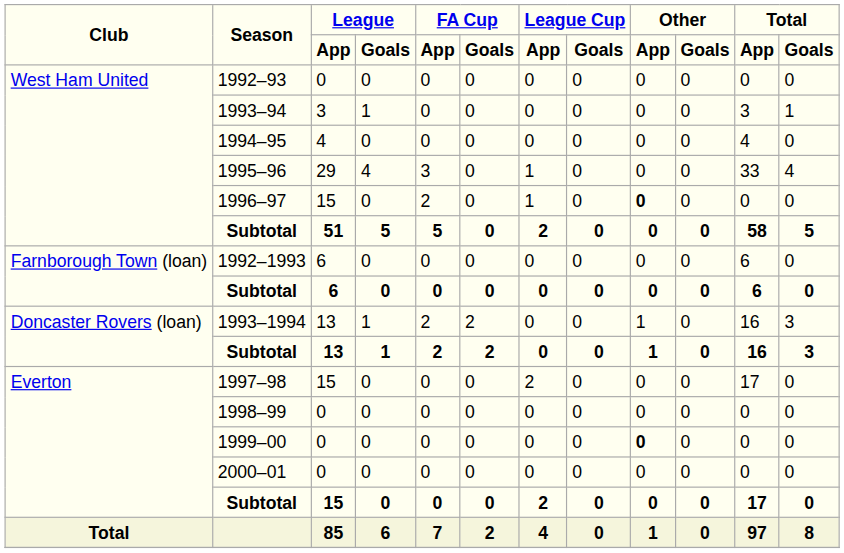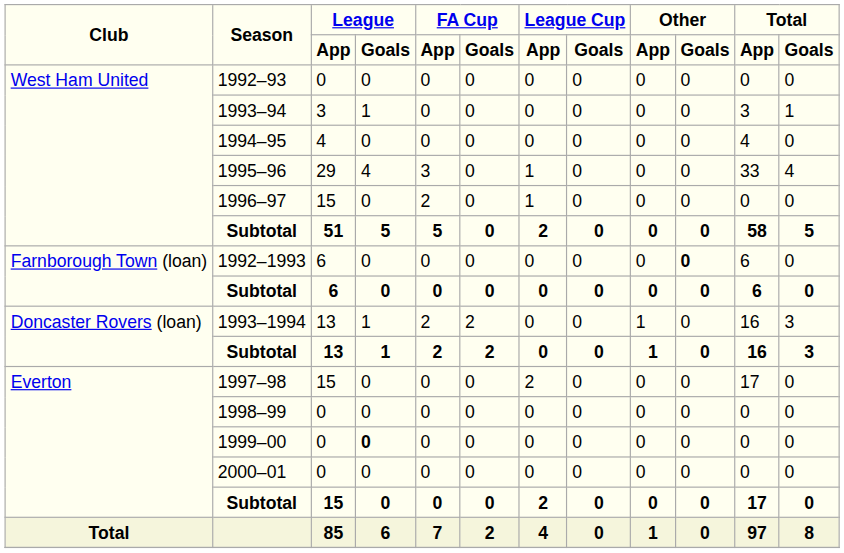 <table border=1 align=center cellpadding=4 cellspacing=2 style="background: ivory; font-size: 95%; border: 1px #aaaaaa solid; border-collapse: collapse; clear:center">
 <tr>
 <th rowspan="2">Club</th>
 <th rowspan="2">Season</th>
 <th colspan="2"><a href='#'>League</a></th>
 <th colspan="2"><a href='#'>FA Cup</a></th>
 <th colspan="2"><a href='#'>League Cup</a></th>
 <th colspan="2">Other</th>
 <th colspan="2">Total</th>
 </tr>
 <tr>
 <th>App</th>
 <th>Goals</th>
 <th>App</th>
 <th>Goals</th>
 <th>App</th>
 <th>Goals</th>
 <th>App</th>
 <th>Goals</th>
 <th>App</th>
 <th>Goals</th>
 </tr>
 <tr>
 <td rowspan="6" valign=top><a href='#'>West Ham United</a></td>
 <td>1992–93</td>
 <td>0</td>
 <td>0</td>
 <td>0</td>
 <td>0</td>
 <td>0</td>
 <td>0</td>
 <td>0</td>
 <td>0</td>
 <td>0</td>
 <td>0</td>
 </tr>
 <tr>
 <td>1993–94</td>
 <td>3</td>
 <td>1</td>
 <td>0</td>
 <td>0</td>
 <td>0</td>
 <td>0</td>
 <td>0</td>
 <td>0</td>
 <td>3</td>
 <td>1</td>
 </tr>
 <tr>
 <td>1994–95</td>
 <td>4</td>
 <td>0</td>
 <td>0</td>
 <td>0</td>
 <td>0</td>
 <td>0</td>
 <td>0</td>
 <td>0</td>
 <td>4</td>
 <td>0</td>
 </tr>
 <tr>
 <td>1995–96</td>
 <td>29</td>
 <td>4</td>
 <td>3</td>
 <td>0</td>
 <td>1</td>
 <td>0</td>
 <td>0</td>
 <td>0</td>
 <td>33</td>
 <td>4</td>
 </tr>
 <tr>
 <td>1996–97</td>
 <td>15</td>
 <td>0</td>
 <td>2</td>
 <td>0</td>
 <td>1</td>
 <td>0</td>
-<td><strong>0</strong></td>
+<td>0</td>
 <td>0</td>
 <td>0</td>
 <td>0</td>
 </tr>
 <tr>
 <th>Subtotal</th>
 <th>51</th>
 <th>5</th>
 <th>5</th>
 <th>0</th>
 <th>2</th>
 <th>0</th>
 <th>0</th>
 <th>0</th>
 <th>58</th>
 <th>5</th>
 </tr>
 <tr>
 <td rowspan="2" valign=top><a href='#'>Farnborough Town</a> (loan)</td>
 <td>1992–1993</td>
 <td>6</td>
 <td>0</td>
 <td>0</td>
 <td>0</td>
 <td>0</td>
 <td>0</td>
 <td>0</td>
-<td>0</td>
+<td><strong>0</strong></td>
 <td>6</td>
 <td>0</td>
 </tr>
 <tr>
 <th>Subtotal</th>
 <th>6</th>
 <th>0</th>
 <th>0</th>
 <th>0</th>
 <th>0</th>
 <th>0</th>
 <th>0</th>
 <th>0</th>
 <th>6</th>
 <th>0</th>
 </tr>
 <tr>
 <td rowspan="2" valign=top><a href='#'>Doncaster Rovers</a> (loan)</td>
 <td>1993–1994</td>
 <td>13</td>
 <td>1</td>
 <td>2</td>
 <td>2</td>
 <td>0</td>
 <td>0</td>
 <td>1</td>
 <td>0</td>
 <td>16</td>
 <td>3</td>
 </tr>
 <tr>
 <th>Subtotal</th>
 <th>13</th>
 <th>1</th>
 <th>2</th>
 <th>2</th>
 <th>0</th>
 <th>0</th>
 <th>1</th>
 <th>0</th>
 <th>16</th>
 <th>3</th>
 </tr>
 <tr>
 <td rowspan="5" valign=top><a href='#'>Everton</a></td>
 <td>1997–98</td>
 <td>15</td>
 <td>0</td>
 <td>0</td>
 <td>0</td>
 <td>2</td>
 <td>0</td>
 <td>0</td>
 <td>0</td>
 <td>17</td>
 <td>0</td>
 </tr>
 <tr>
 <td>1998–99</td>
 <td>0</td>
 <td>0</td>
 <td>0</td>
 <td>0</td>
 <td>0</td>
 <td>0</td>
 <td>0</td>
 <td>0</td>
 <td>0</td>
 <td>0</td>
 </tr>
 <tr>
 <td>1999–00</td>
 <td>0</td>
+<td><strong>0</strong></td>
 <td>0</td>
 <td>0</td>
 <td>0</td>
 <td>0</td>
 <td>0</td>
-<td><strong>0</strong></td>
 <td>0</td>
 <td>0</td>
 <td>0</td>
 </tr>
 <tr>
 <td>2000–01</td>
 <td>0</td>
 <td>0</td>
 <td>0</td>
 <td>0</td>
 <td>0</td>
 <td>0</td>
 <td>0</td>
 <td>0</td>
 <td>0</td>
 <td>0</td>
 </tr>
 <tr>
 <th>Subtotal</th>
 <th>15</th>
 <th>0</th>
 <th>0</th>
 <th>0</th>
 <th>2</th>
 <th>0</th>
 <th>0</th>
 <th>0</th>
 <th>17</th>
 <th>0</th>
 </tr>
 <tr>
 <th style="background:beige">Total</th>
 <th style="background:beige" colspan="1"></th>
 <th style="background:beige">85</th>
 <th style="background:beige">6</th>
 <th style="background:beige">7</th>
 <th style="background:beige">2</th>
 <th style="background:beige">4</th>
 <th style="background:beige">0</th>
 <th style="background:beige">1</th>
 <th style="background:beige">0</th>
 <th style="background:beige">97</th>
 <th style="background:beige">8</th>
 </tr>
 <tr>
 </tr>
 </table>
